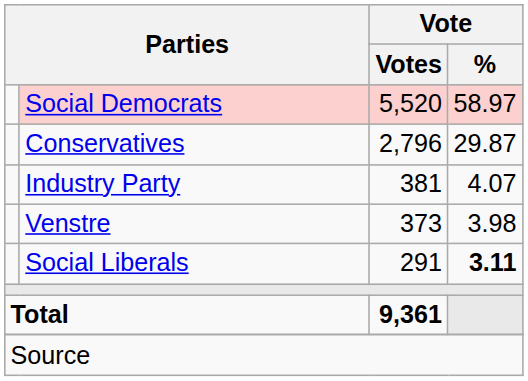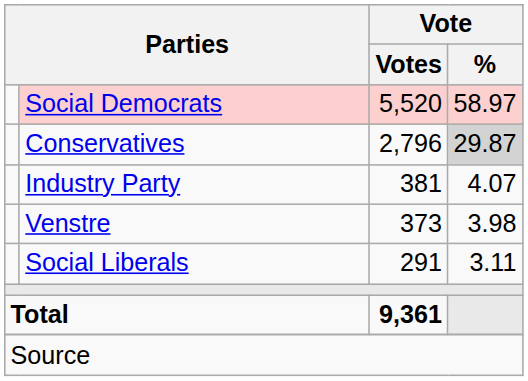 <table class="wikitable" style="text-align:right;">
 <tr>
 <th style="text-align:centre;" rowspan="2" colspan="2" width="225">Parties</th>
 <th colspan="3">Vote</th>
 </tr>
 <tr>
 <th width="15">Votes</th>
 <th width="15">%</th>
 </tr>
 <tr>
 <td width="2" style="color:inherit;background:"></td>
 <td bgcolor=#fbd0ce  align="left"><a href='#'>Social Democrats</a></td>
 <td bgcolor=#fbd0ce>5,520</td>
 <td bgcolor=#fbd0ce>58.97</td>
 </tr>
 <tr>
 <td width="2" style="color:inherit;background:"></td>
 <td align="left"><a href='#'>Conservatives</a></td>
 <td>2,796</td>
-<td>29.87</td>
+<td style="background: lightgrey;">29.87</td>
 </tr>
 <tr>
 <td width="2" style="color:inherit;background:"></td>
 <td align="left"><a href='#'>Industry Party</a></td>
 <td>381</td>
 <td>4.07</td>
 </tr>
 <tr>
 <td width="2" style="color:inherit;background:"></td>
 <td align="left"><a href='#'>Venstre</a></td>
 <td>373</td>
 <td>3.98</td>
 </tr>
 <tr>
 <td width="2" style="color:inherit;background:"></td>
 <td align="left"><a href='#'>Social Liberals</a></td>
 <td>291</td>
-<td><strong>3.11</strong></td>
+<td>3.11</td>
 </tr>
 <tr>
 <td colspan="7" bgcolor="#E9E9E9"></td>
 </tr>
 <tr>
 <td align="left" colspan="2"><strong>Total</strong></td>
 <td><strong>9,361</strong></td>
 <td bgcolor="#E9E9E9" colspan="2"></td>
 </tr>
 <tr>
 </tr>
 <tr>
 <td align="left" colspan="6">Source</td>
 </tr>
 </table>
